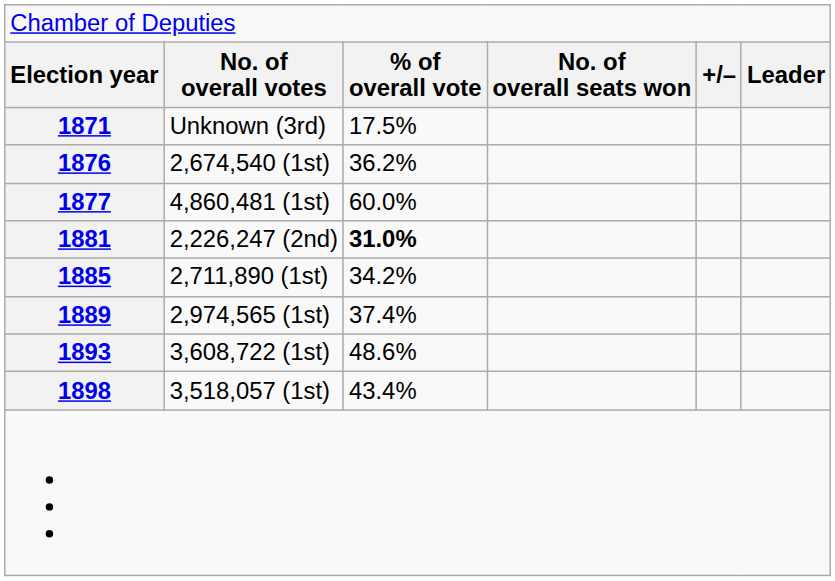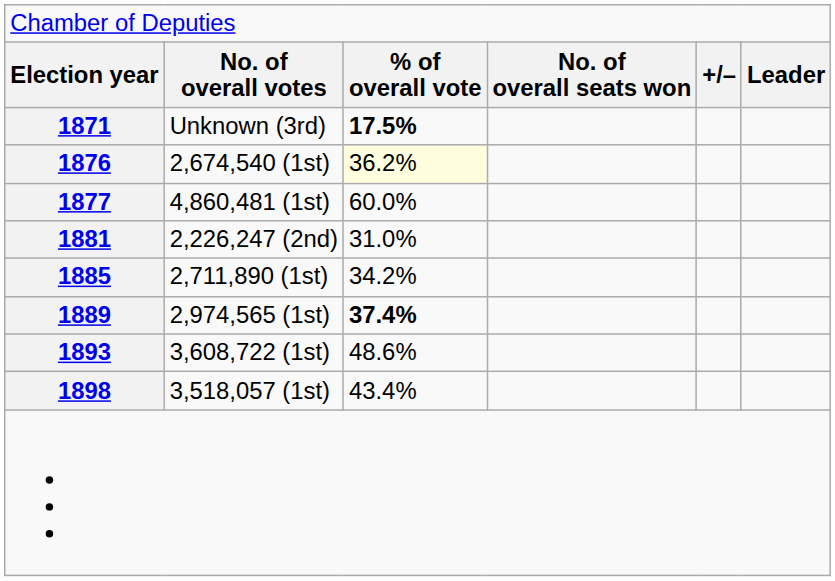 <table class=wikitable>
 <tr>
 <td colspan=6><a href='#'>Chamber of Deputies</a></td>
 </tr>
 <tr>
 <th>Election year</th>
 <th>No. of<br>overall votes</th>
 <th>% of<br>overall vote</th>
 <th>No. of<br>overall seats won</th>
 <th>+/–</th>
 <th>Leader</th>
 </tr>
 <tr>
 <th><a href='#'>1871</a></th>
 <td>Unknown (3rd)</td>
-<td>17.5%</td>
+<td><strong>17.5%</strong></td>
 <td></td>
 <td></td>
 <td></td>
 </tr>
 <tr>
 <th><a href='#'>1876</a></th>
 <td>2,674,540 (1st)</td>
-<td>36.2%</td>
+<td style="background: lightyellow;">36.2%</td>
 <td></td>
 <td></td>
 <td></td>
 </tr>
 <tr>
 <th><a href='#'>1877</a></th>
 <td>4,860,481 (1st)</td>
 <td>60.0%</td>
 <td></td>
 <td></td>
 <td></td>
 </tr>
 <tr>
 <th><a href='#'>1881</a></th>
 <td>2,226,247 (2nd)</td>
-<td><strong>31.0%</strong></td>
+<td>31.0%</td>
 <td></td>
 <td></td>
 <td></td>
 </tr>
 <tr>
 <th><a href='#'>1885</a></th>
 <td>2,711,890 (1st)</td>
 <td>34.2%</td>
 <td></td>
 <td></td>
 <td></td>
 </tr>
 <tr>
 <th><a href='#'>1889</a></th>
 <td>2,974,565 (1st)</td>
-<td>37.4%</td>
+<td><strong>37.4%</strong></td>
 <td></td>
 <td></td>
 <td></td>
 </tr>
 <tr>
 <th><a href='#'>1893</a></th>
 <td>3,608,722 (1st)</td>
 <td>48.6%</td>
 <td></td>
 <td></td>
 <td></td>
 </tr>
 <tr>
 <th><a href='#'>1898</a></th>
 <td>3,518,057 (1st)</td>
 <td>43.4%</td>
 <td></td>
 <td></td>
 <td></td>
 </tr>
 <tr>
 <td colspan=6><br><ul><li></li><li></li><li></li></ul></td>
 </tr>
 </table>
